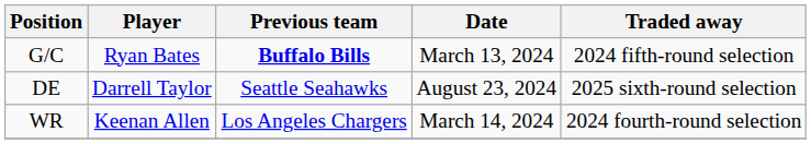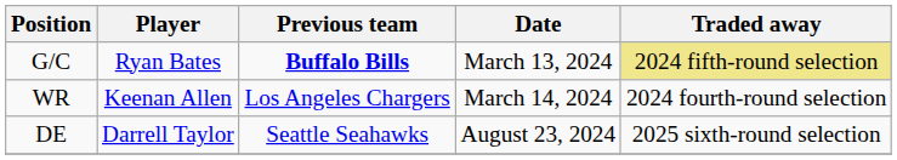 <table class="wikitable sortable" style="text-align:center">
 <tr>
 <th>Position</th>
 <th>Player</th>
 <th>Previous team</th>
 <th>Date</th>
 <th>Traded away</th>
 </tr>
 <tr>
 <td>G/C</td>
 <td><a href='#'>Ryan Bates</a></td>
 <td><strong><a href='#'>Buffalo Bills</a></strong></td>
 <td>March 13, 2024</td>
-<td>2024 fifth-round selection</td>
+<td style="background: khaki;">2024 fifth-round selection</td>
+</tr>
+<tr>
+<td>WR</td>
+<td><a href='#'>Keenan Allen</a></td>
+<td><a href='#'>Los Angeles Chargers</a></td>
+<td>March 14, 2024</td>
+<td>2024 fourth-round selection</td>
 </tr>
 <tr>
 <td>DE</td>
 <td><a href='#'>Darrell Taylor</a></td>
 <td><a href='#'>Seattle Seahawks</a></td>
 <td>August 23, 2024</td>
 <td>2025 sixth-round selection</td>
 </tr>
 <tr>
-<td>WR</td>
-<td><a href='#'>Keenan Allen</a></td>
-<td><a href='#'>Los Angeles Chargers</a></td>
-<td>March 14, 2024</td>
-<td>2024 fourth-round selection</td>
-</tr>
-<tr>
 </tr>
 </table>
